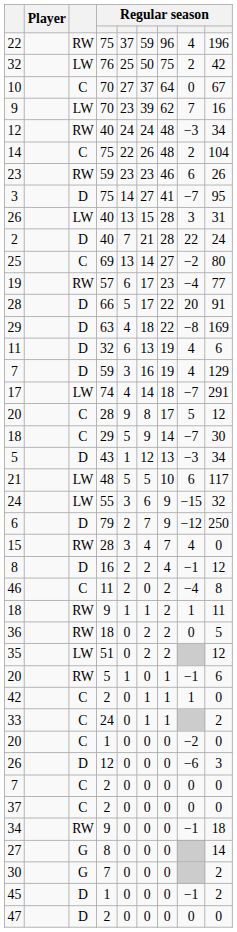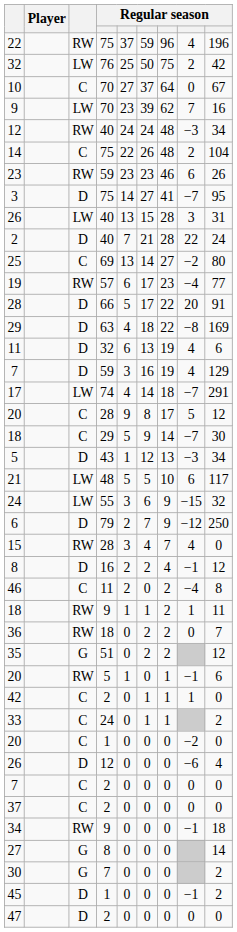 <table class="wikitable sortable plainrowheaders" style="text-align:center;">
 <tr>
 <th scope="col" data-sort-type="number" rowspan="2"></th>
 <th scope="col" rowspan="2">Player</th>
 <th scope="col" rowspan="2"></th>
 <th scope=colgroup colspan=6>Regular season</th>
 </tr>
 <tr>
 <th scope="col" data-sort-type="number"></th>
 <th scope="col" data-sort-type="number"></th>
 <th scope="col" data-sort-type="number"></th>
 <th scope="col" data-sort-type="number"></th>
 <th scope="col" data-sort-type="number"></th>
 <th scope="col" data-sort-type="number"></th>
 </tr>
 <tr>
 <td scope="row">22</td>
 <td align="left"></td>
 <td>RW</td>
 <td>75</td>
 <td>37</td>
 <td>59</td>
 <td>96</td>
 <td>4</td>
 <td>196</td>
 </tr>
 <tr>
 <td scope="row">32</td>
 <td align="left"></td>
 <td>LW</td>
 <td>76</td>
 <td>25</td>
 <td>50</td>
 <td>75</td>
 <td>2</td>
 <td>42</td>
 </tr>
 <tr>
 <td scope="row">10</td>
 <td align="left"></td>
 <td>C</td>
 <td>70</td>
 <td>27</td>
 <td>37</td>
 <td>64</td>
 <td>0</td>
 <td>67</td>
 </tr>
 <tr>
 <td scope="row">9</td>
 <td align="left"></td>
 <td>LW</td>
 <td>70</td>
 <td>23</td>
 <td>39</td>
 <td>62</td>
 <td>7</td>
 <td>16</td>
 </tr>
 <tr>
 <td scope="row">12</td>
 <td align="left"></td>
 <td>RW</td>
 <td>40</td>
 <td>24</td>
 <td>24</td>
 <td>48</td>
 <td>−3</td>
 <td>34</td>
 </tr>
 <tr>
 <td scope="row">14</td>
 <td align="left"></td>
 <td>C</td>
 <td>75</td>
 <td>22</td>
 <td>26</td>
 <td>48</td>
 <td>2</td>
 <td>104</td>
 </tr>
 <tr>
 <td scope="row">23</td>
 <td align="left"></td>
 <td>RW</td>
 <td>59</td>
 <td>23</td>
 <td>23</td>
 <td>46</td>
 <td>6</td>
 <td>26</td>
 </tr>
 <tr>
 <td scope="row">3</td>
 <td align="left"></td>
 <td>D</td>
 <td>75</td>
 <td>14</td>
 <td>27</td>
 <td>41</td>
 <td>−7</td>
 <td>95</td>
 </tr>
 <tr>
 <td scope="row">26</td>
 <td align="left"></td>
 <td>LW</td>
 <td>40</td>
 <td>13</td>
 <td>15</td>
 <td>28</td>
 <td>3</td>
 <td>31</td>
 </tr>
 <tr>
 <td scope="row">2</td>
 <td align="left"></td>
 <td>D</td>
 <td>40</td>
 <td>7</td>
 <td>21</td>
 <td>28</td>
 <td>22</td>
 <td>24</td>
 </tr>
 <tr>
 <td scope="row">25</td>
 <td align="left"></td>
 <td>C</td>
 <td>69</td>
 <td>13</td>
 <td>14</td>
 <td>27</td>
 <td>−2</td>
 <td>80</td>
 </tr>
 <tr>
 <td scope="row">19</td>
 <td align="left"></td>
 <td>RW</td>
 <td>57</td>
 <td>6</td>
 <td>17</td>
 <td>23</td>
 <td>−4</td>
 <td>77</td>
 </tr>
 <tr>
 <td scope="row">28</td>
 <td align="left"></td>
 <td>D</td>
 <td>66</td>
 <td>5</td>
 <td>17</td>
 <td>22</td>
 <td>20</td>
 <td>91</td>
 </tr>
 <tr>
 <td scope="row">29</td>
 <td align="left"></td>
 <td>D</td>
 <td>63</td>
 <td>4</td>
 <td>18</td>
 <td>22</td>
 <td>−8</td>
 <td>169</td>
 </tr>
 <tr>
 <td scope="row">11</td>
 <td align="left"></td>
 <td>D</td>
 <td>32</td>
 <td>6</td>
 <td>13</td>
 <td>19</td>
 <td>4</td>
 <td>6</td>
 </tr>
 <tr>
 <td scope="row">7</td>
 <td align="left"></td>
 <td>D</td>
 <td>59</td>
 <td>3</td>
 <td>16</td>
 <td>19</td>
 <td>4</td>
 <td>129</td>
 </tr>
 <tr>
 <td scope="row">17</td>
 <td align="left"></td>
 <td>LW</td>
 <td>74</td>
 <td>4</td>
 <td>14</td>
 <td>18</td>
 <td>−7</td>
 <td>291</td>
 </tr>
 <tr>
 <td scope="row">20</td>
 <td align="left"></td>
 <td>C</td>
 <td>28</td>
 <td>9</td>
 <td>8</td>
 <td>17</td>
 <td>5</td>
 <td>12</td>
 </tr>
 <tr>
 <td scope="row">18</td>
 <td align="left"></td>
 <td>C</td>
 <td>29</td>
 <td>5</td>
 <td>9</td>
 <td>14</td>
 <td>−7</td>
 <td>30</td>
 </tr>
 <tr>
 <td scope="row">5</td>
 <td align="left"></td>
 <td>D</td>
 <td>43</td>
 <td>1</td>
 <td>12</td>
 <td>13</td>
 <td>−3</td>
 <td>34</td>
 </tr>
 <tr>
 <td scope="row">21</td>
 <td align="left"></td>
 <td>LW</td>
 <td>48</td>
 <td>5</td>
 <td>5</td>
 <td>10</td>
 <td>6</td>
 <td>117</td>
 </tr>
 <tr>
 <td scope="row">24</td>
 <td align="left"></td>
 <td>LW</td>
 <td>55</td>
 <td>3</td>
 <td>6</td>
 <td>9</td>
 <td>−15</td>
 <td>32</td>
 </tr>
 <tr>
 <td scope="row">6</td>
 <td align="left"></td>
 <td>D</td>
 <td>79</td>
 <td>2</td>
 <td>7</td>
 <td>9</td>
 <td>−12</td>
 <td>250</td>
 </tr>
 <tr>
 <td scope="row">15</td>
 <td align="left"></td>
 <td>RW</td>
 <td>28</td>
 <td>3</td>
 <td>4</td>
 <td>7</td>
 <td>4</td>
 <td>0</td>
 </tr>
 <tr>
 <td scope="row">8</td>
 <td align="left"></td>
 <td>D</td>
 <td>16</td>
 <td>2</td>
 <td>2</td>
 <td>4</td>
 <td>−1</td>
 <td>12</td>
 </tr>
 <tr>
 <td scope="row">46</td>
 <td align="left"></td>
 <td>C</td>
 <td>11</td>
 <td>2</td>
 <td>0</td>
 <td>2</td>
 <td>−4</td>
 <td>8</td>
 </tr>
 <tr>
 <td scope="row">18</td>
 <td align="left"></td>
 <td>RW</td>
 <td>9</td>
 <td>1</td>
 <td>1</td>
 <td>2</td>
 <td>1</td>
 <td>11</td>
 </tr>
 <tr>
 <td scope="row">36</td>
 <td align="left"></td>
 <td>RW</td>
 <td>18</td>
 <td>0</td>
 <td>2</td>
 <td>2</td>
 <td>0</td>
-<td>5</td>
+<td>7</td>
 </tr>
 <tr>
 <td scope="row">35</td>
 <td align="left"></td>
-<td>LW</td>
+<td>G</td>
 <td>51</td>
 <td>0</td>
 <td>2</td>
 <td>2</td>
 <td style="background:#ccc"></td>
 <td>12</td>
 </tr>
 <tr>
 <td scope="row">20</td>
 <td align="left"></td>
 <td>RW</td>
 <td>5</td>
 <td>1</td>
 <td>0</td>
 <td>1</td>
 <td>−1</td>
 <td>6</td>
 </tr>
 <tr>
 <td scope="row">42</td>
 <td align="left"></td>
 <td>C</td>
 <td>2</td>
 <td>0</td>
 <td>1</td>
 <td>1</td>
 <td>1</td>
 <td>0</td>
 </tr>
 <tr>
 <td scope="row">33</td>
 <td align="left"></td>
 <td>C</td>
 <td>24</td>
 <td>0</td>
 <td>1</td>
 <td>1</td>
 <td style="background:#ccc"></td>
 <td>2</td>
 </tr>
 <tr>
 <td scope="row">20</td>
 <td align="left"></td>
 <td>C</td>
 <td>1</td>
 <td>0</td>
 <td>0</td>
 <td>0</td>
 <td>−2</td>
 <td>0</td>
 </tr>
 <tr>
 <td scope="row">26</td>
 <td align="left"></td>
 <td>D</td>
 <td>12</td>
 <td>0</td>
 <td>0</td>
 <td>0</td>
 <td>−6</td>
-<td>3</td>
+<td>4</td>
 </tr>
 <tr>
 <td scope="row">7</td>
 <td align="left"></td>
 <td>C</td>
 <td>2</td>
 <td>0</td>
 <td>0</td>
 <td>0</td>
 <td>0</td>
 <td>0</td>
 </tr>
 <tr>
 <td scope="row">37</td>
 <td align="left"></td>
 <td>C</td>
 <td>2</td>
 <td>0</td>
 <td>0</td>
 <td>0</td>
 <td>0</td>
 <td>0</td>
 </tr>
 <tr>
 <td scope="row">34</td>
 <td align="left"></td>
 <td>RW</td>
 <td>9</td>
 <td>0</td>
 <td>0</td>
 <td>0</td>
 <td>−1</td>
 <td>18</td>
 </tr>
 <tr>
 <td scope="row">27</td>
 <td align="left"></td>
 <td>G</td>
 <td>8</td>
 <td>0</td>
 <td>0</td>
 <td>0</td>
 <td style="background:#ccc"></td>
 <td>14</td>
 </tr>
 <tr>
 <td scope="row">30</td>
 <td align="left"></td>
 <td>G</td>
 <td>7</td>
 <td>0</td>
 <td>0</td>
 <td>0</td>
 <td style="background:#ccc"></td>
 <td>2</td>
 </tr>
 <tr>
 <td scope="row">45</td>
 <td align="left"></td>
 <td>D</td>
 <td>1</td>
 <td>0</td>
 <td>0</td>
 <td>0</td>
 <td>−1</td>
 <td>2</td>
 </tr>
 <tr>
 <td scope="row">47</td>
 <td align="left"></td>
 <td>D</td>
 <td>2</td>
 <td>0</td>
 <td>0</td>
 <td>0</td>
 <td>0</td>
 <td>0</td>
 </tr>
 </table>
